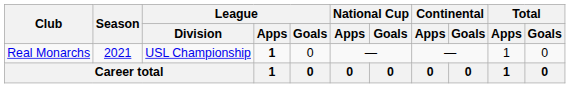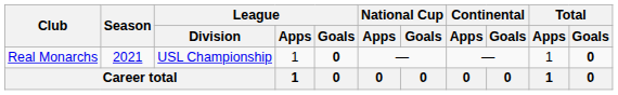 <table class=wikitable style=text-align:center>
 <tr>
 <th rowspan=2>Club</th>
 <th rowspan=2>Season</th>
 <th colspan=3>League</th>
 <th colspan=2>National Cup</th>
 <th colspan=2>Continental</th>
 <th colspan=2>Total</th>
 </tr>
 <tr>
 <th>Division</th>
 <th>Apps</th>
 <th>Goals</th>
 <th>Apps</th>
 <th>Goals</th>
 <th>Apps</th>
 <th>Goals</th>
 <th>Apps</th>
 <th>Goals</th>
 </tr>
 <tr>
 <td rowspan=1><a href='#'>Real Monarchs</a></td>
 <td><a href='#'>2021</a></td>
 <td><a href='#'>USL Championship</a></td>
-<td><strong>1</strong></td>
-<td>0</td>
+<td>1</td>
+<td><strong>0</strong></td>
 <td colspan=2>—</td>
 <td colspan=2>—</td>
 <td>1</td>
-<td>0</td>
+<td><strong>0</strong></td>
 </tr>
 <tr>
 <th colspan=3>Career total</th>
 <th>1</th>
 <th>0</th>
 <th>0</th>
 <th>0</th>
 <th>0</th>
 <th>0</th>
 <th>1</th>
 <th>0</th>
 </tr>
 </table>
